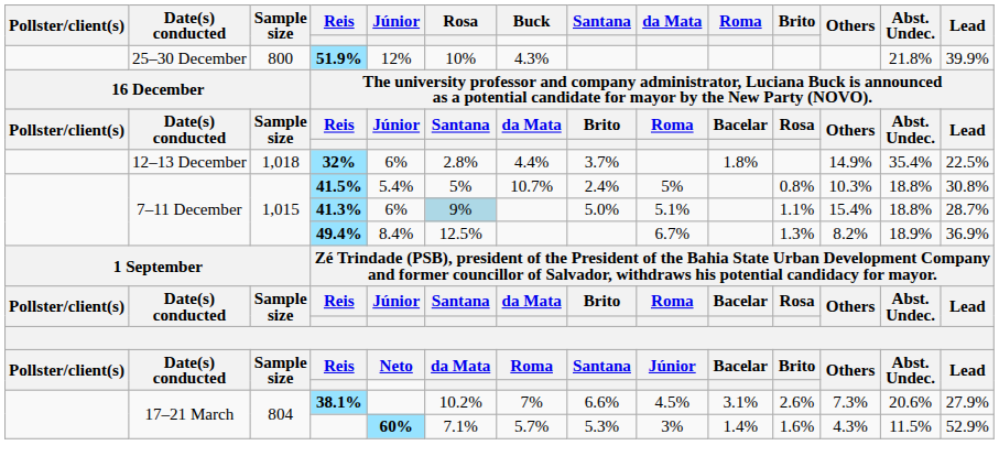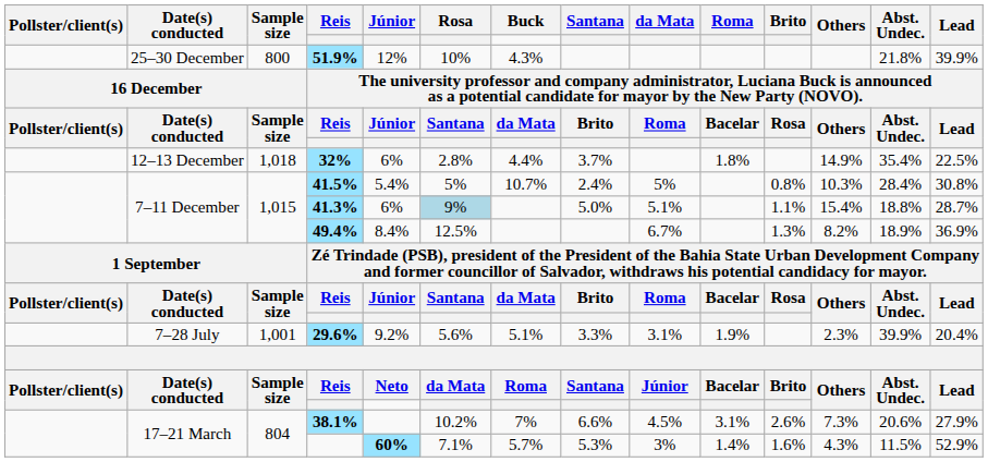 <table class="wikitable" style="text-align:center;font-size:90%;line-height:14px;">
 <tr>
 <th rowspan="2">Pollster/client(s)</th>
 <th rowspan="2">Date(s) <br>conducted</th>
 <th rowspan="2">Sample <br>size</th>
 <th><a href='#'>Reis</a><br></th>
 <th><a href='#'>Júnior</a><br></th>
 <th>Rosa<br></th>
 <th>Buck<br></th>
 <th><a href='#'>Santana</a><br></th>
 <th><a href='#'>da Mata</a><br></th>
 <th><a href='#'>Roma</a><br></th>
 <th>Brito<br></th>
 <th rowspan="2">Others</th>
 <th rowspan="2">Abst.<br>Undec.</th>
 <th rowspan="2">Lead</th>
 </tr>
 <tr>
 <th data-sort-type="number" class="sortable" style="background:"></th>
 <th data-sort-type="number" class="sortable" style="background:"></th>
 <th data-sort-type="number" class="sortable" style="background:"></th>
 <td data-sort-type="number" class="sortable" style="background:"></td>
 <th data-sort-type="number" class="sortable" style="background:"></th>
 <th data-sort-type="number" class="sortable" style="background:"></th>
 <th data-sort-type="number" class="sortable" style="background:"></th>
 <th data-sort-type="number" class="sortable" style="background:"></th>
 </tr>
 <tr>
 <td></td>
 <td>25–30 December</td>
 <td>800</td>
 <td style="background:#97e3ff;"><strong>51.9%</strong></td>
 <td>12%</td>
 <td>10%</td>
 <td>4.3%</td>
 <td></td>
 <td></td>
 <td></td>
 <td></td>
 <td></td>
 <td>21.8%</td>
 <td style="background:">39.9%</td>
 </tr>
 <tr>
 <th colspan="3">16 December</th>
 <th colspan="11">The university professor and company administrator, Luciana Buck is announced<br>as a potential candidate for mayor by the New Party (NOVO).</th>
 </tr>
 <tr>
 <th rowspan="2">Pollster/client(s)</th>
 <th rowspan="2">Date(s) <br>conducted</th>
 <th rowspan="2">Sample <br>size</th>
 <th><a href='#'>Reis</a><br></th>
 <th><a href='#'>Júnior</a><br></th>
 <th><a href='#'>Santana</a><br></th>
 <th><a href='#'>da Mata</a><br></th>
 <th>Brito<br></th>
 <th><a href='#'>Roma</a><br></th>
 <th>Bacelar<br></th>
 <th>Rosa<br></th>
 <th rowspan="2">Others</th>
 <th rowspan="2">Abst.<br>Undec.</th>
 <th rowspan="2">Lead</th>
 </tr>
 <tr>
 <th data-sort-type="number" class="sortable" style="background:"></th>
 <th data-sort-type="number" class="sortable" style="background:"></th>
 <th data-sort-type="number" class="sortable" style="background:"></th>
 <th data-sort-type="number" class="sortable" style="background:"></th>
 <th data-sort-type="number" class="sortable" style="background:"></th>
 <th data-sort-type="number" class="sortable" style="background:"></th>
 <th data-sort-type="number" class="sortable" style="background:"></th>
 <th data-sort-type="number" class="sortable" style="background:"></th>
 </tr>
 <tr>
 <td></td>
 <td>12–13 December</td>
 <td>1,018</td>
 <td style="background:#97e3ff;"><strong>32%</strong></td>
 <td>6%</td>
 <td>2.8%</td>
 <td>4.4%</td>
 <td>3.7%</td>
 <td></td>
 <td>1.8%</td>
 <td></td>
 <td>14.9%</td>
 <td>35.4%</td>
 <td style="background:">22.5%</td>
 </tr>
 <tr>
 <td rowspan="3"></td>
 <td rowspan="3">7–11 December</td>
 <td rowspan="3">1,015</td>
 <td style="background:#97e3ff;"><strong>41.5%</strong></td>
 <td>5.4%</td>
 <td>5%</td>
 <td>10.7%</td>
 <td>2.4%</td>
 <td>5%</td>
 <td></td>
 <td>0.8%</td>
 <td>10.3%</td>
-<td>18.8%</td>
+<td>28.4%</td>
 <td style="background:">30.8%</td>
 </tr>
 <tr>
 <td style="background:#97e3ff;"><strong>41.3%</strong></td>
 <td>6%</td>
 <td style="background: lightblue;">9%</td>
 <td></td>
 <td>5.0%</td>
 <td>5.1%</td>
 <td></td>
 <td>1.1%</td>
 <td>15.4%</td>
 <td>18.8%</td>
 <td style="background:">28.7%</td>
 </tr>
 <tr>
 <td style="background:#97e3ff;"><strong>49.4%</strong></td>
 <td>8.4%</td>
 <td>12.5%</td>
 <td></td>
 <td></td>
 <td>6.7%</td>
 <td></td>
 <td>1.3%</td>
 <td>8.2%</td>
 <td>18.9%</td>
 <td style="background:">36.9%</td>
 </tr>
 <tr>
 <th colspan="3">1 September</th>
 <th colspan="11">Zé Trindade (PSB), president of the President of the Bahia State Urban Development Company<br>and former councillor of Salvador, withdraws his potential candidacy for mayor.</th>
 </tr>
 <tr>
 <th rowspan="2">Pollster/client(s)</th>
 <th rowspan="2">Date(s) <br>conducted</th>
 <th rowspan="2">Sample <br>size</th>
 <th><a href='#'>Reis</a><br></th>
 <th><a href='#'>Júnior</a><br></th>
 <th><a href='#'>Santana</a><br></th>
 <th><a href='#'>da Mata</a><br></th>
 <th>Brito<br></th>
 <th><a href='#'>Roma</a><br></th>
 <th>Bacelar<br></th>
 <th>Rosa<br></th>
 <th rowspan="2">Others</th>
 <th rowspan="2">Abst.<br>Undec.</th>
 <th rowspan="2">Lead</th>
 </tr>
 <tr>
 <th data-sort-type="number" class="sortable" style="background:"></th>
 <th data-sort-type="number" class="sortable" style="background:"></th>
 <th data-sort-type="number" class="sortable" style="background:"></th>
 <th data-sort-type="number" class="sortable" style="background:"></th>
 <th data-sort-type="number" class="sortable" style="background:"></th>
 <th data-sort-type="number" class="sortable" style="background:"></th>
 <th data-sort-type="number" class="sortable" style="background:"></th>
 <th data-sort-type="number" class="sortable" style="background:"></th>
+</tr>
+<tr>
+<td></td>
+<td>7–28 July</td>
+<td>1,001</td>
+<td style="background:#97e3ff;"><strong>29.6%</strong></td>
+<td>9.2%</td>
+<td>5.6%</td>
+<td>5.1%</td>
+<td>3.3%</td>
+<td>3.1%</td>
+<td>1.9%</td>
+<td></td>
+<td>2.3%</td>
+<td>39.9%</td>
+<td style="background:">20.4%</td>
 </tr>
 <tr>
 <th colspan="14"><br></th>
 </tr>
 <tr>
 <th rowspan="2">Pollster/client(s)</th>
 <th rowspan="2">Date(s) <br>conducted</th>
 <th rowspan="2">Sample <br>size</th>
 <th><a href='#'>Reis</a><br></th>
 <th><a href='#'>Neto</a><br></th>
 <th><a href='#'>da Mata</a><br></th>
 <th><a href='#'>Roma</a><br></th>
 <th><a href='#'>Santana</a><br></th>
 <th><a href='#'>Júnior</a><br></th>
 <th>Bacelar<br></th>
 <th>Brito<br></th>
 <th rowspan="2">Others</th>
 <th rowspan="2">Abst.<br>Undec.</th>
 <th rowspan="2">Lead</th>
 </tr>
 <tr>
 <th data-sort-type="number" class="sortable" style="background:"></th>
 <td data-sort-type="number" class="sortable" style="background:"></td>
 <th data-sort-type="number" class="sortable" style="background:"></th>
 <th data-sort-type="number" class="sortable" style="background:"></th>
 <th data-sort-type="number" class="sortable" style="background:"></th>
 <th data-sort-type="number" class="sortable" style="background:"></th>
 <th data-sort-type="number" class="sortable" style="background:"></th>
 <th data-sort-type="number" class="sortable" style="background:"></th>
 </tr>
 <tr>
 <td rowspan="2"></td>
 <td rowspan="2">17–21 March</td>
 <td rowspan="2">804</td>
 <td style="background:#97e3ff;"><strong>38.1%</strong></td>
 <td></td>
 <td>10.2%</td>
 <td>7%</td>
 <td>6.6%</td>
 <td>4.5%</td>
 <td>3.1%</td>
 <td>2.6%</td>
 <td>7.3%</td>
 <td>20.6%</td>
 <td style="background:">27.9%</td>
 </tr>
 <tr>
 <td></td>
 <td style="background:#97e3ff;"><strong>60%</strong></td>
 <td>7.1%</td>
 <td>5.7%</td>
 <td>5.3%</td>
 <td>3%</td>
 <td>1.4%</td>
 <td>1.6%</td>
 <td>4.3%</td>
 <td>11.5%</td>
 <td style="background:">52.9%</td>
 </tr>
 </table>
